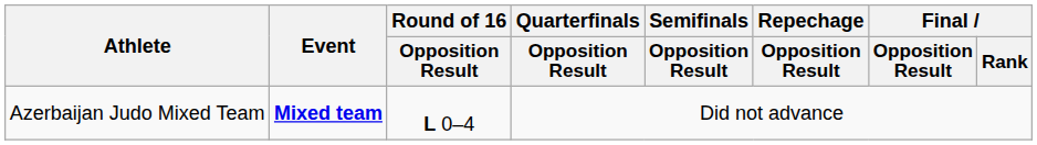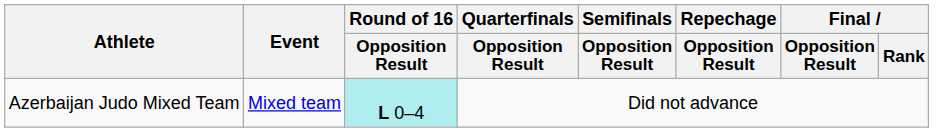 <table class="wikitable" style="text-align:center; font-size:90%">
 <tr>
 <th rowspan=2>Athlete</th>
 <th rowspan=2>Event</th>
 <th>Round of 16</th>
 <th>Quarterfinals</th>
 <th>Semifinals</th>
 <th>Repechage</th>
 <th colspan=2>Final / </th>
 </tr>
 <tr style="font-size:95%">
 <th>Opposition<br>Result</th>
 <th>Opposition<br>Result</th>
 <th>Opposition<br>Result</th>
 <th>Opposition<br>Result</th>
 <th>Opposition<br>Result</th>
 <th>Rank</th>
 </tr>
 <tr>
 <td align=left>Azerbaijan Judo Mixed Team</td>
-<td align=left><strong><a href='#'>Mixed team</a></strong></td>
-<td><br><strong>L</strong> 0–4</td>
+<td align=left><a href='#'>Mixed team</a></td>
+<td style="background: paleturquoise;"><br><strong>L</strong> 0–4</td>
 <td colspan=5>Did not advance</td>
 </tr>
 </table>
